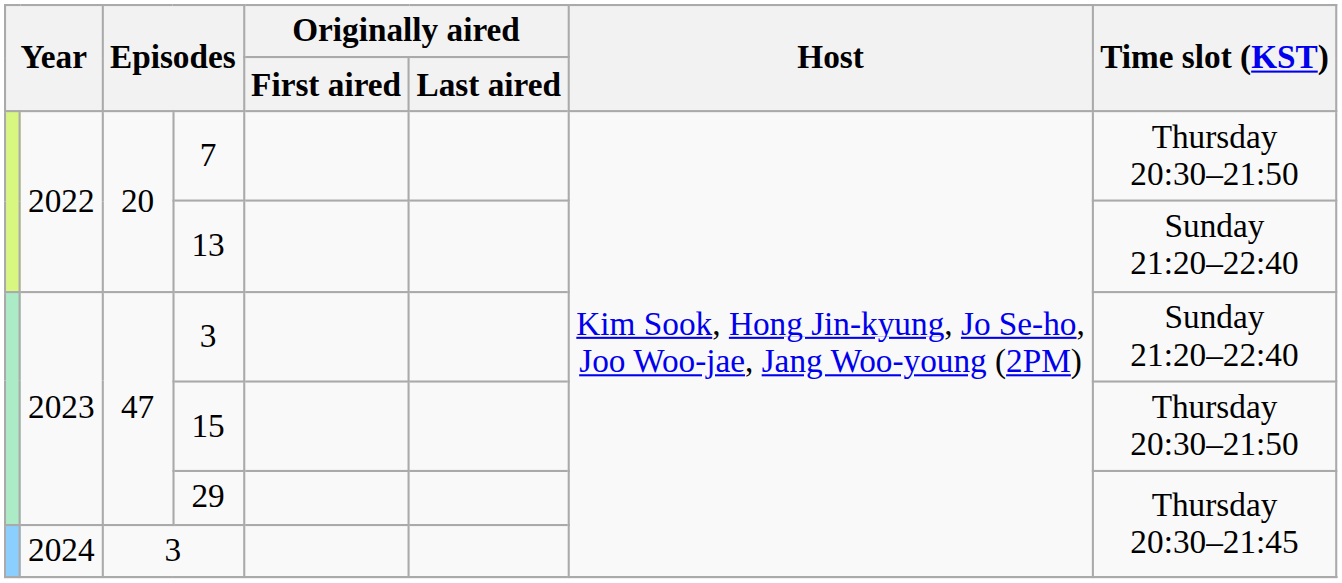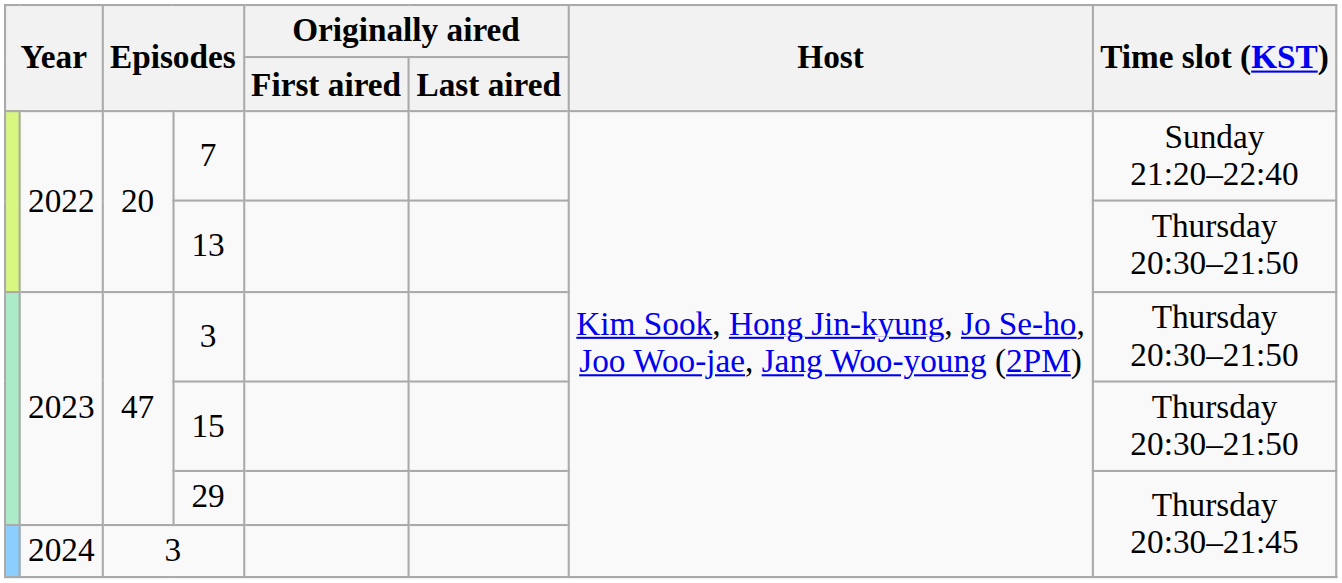 <table class="wikitable" style="text-align:center">
 <tr>
 <th colspan="2" rowspan="2">Year</th>
 <th colspan="2" rowspan="2">Episodes</th>
 <th colspan="2">Originally aired</th>
 <th rowspan="2">Host</th>
 <th rowspan="2">Time slot (<a href='#'>KST</a>)</th>
 </tr>
 <tr>
 <th>First aired</th>
 <th>Last aired</th>
 </tr>
 <tr>
 <td rowspan="2" style="background:#D8F781"></td>
 <td rowspan="2">2022</td>
 <td rowspan="2">20</td>
 <td>7</td>
 <td></td>
 <td></td>
 <td rowspan="6"><a href='#'>Kim Sook</a>, <a href='#'>Hong Jin-kyung</a>, <a href='#'>Jo Se-ho</a>,<br><a href='#'>Joo Woo-jae</a>, <a href='#'>Jang Woo-young</a> (<a href='#'>2PM</a>)</td>
-<td>Thursday<br>20:30–21:50</td>
+<td>Sunday<br>21:20–22:40</td>
 </tr>
 <tr>
 <td>13</td>
 <td></td>
 <td></td>
-<td>Sunday<br>21:20–22:40</td>
+<td>Thursday<br>20:30–21:50</td>
 </tr>
 <tr>
 <td rowspan="3" style="background:#abebc6"></td>
 <td rowspan="3">2023</td>
 <td rowspan="3">47</td>
 <td>3</td>
 <td></td>
 <td></td>
-<td>Sunday<br>21:20–22:40</td>
+<td>Thursday<br>20:30–21:50</td>
 </tr>
 <tr>
 <td>15</td>
 <td></td>
 <td></td>
 <td>Thursday<br>20:30–21:50</td>
 </tr>
 <tr>
 <td>29</td>
 <td></td>
 <td></td>
 <td rowspan="2">Thursday<br>20:30–21:45</td>
 </tr>
 <tr>
 <td style="background:#8BCFFF"></td>
 <td>2024</td>
 <td colspan="2">3</td>
 <td></td>
 <td></td>
 </tr>
 <tr>
 </tr>
 </table>
